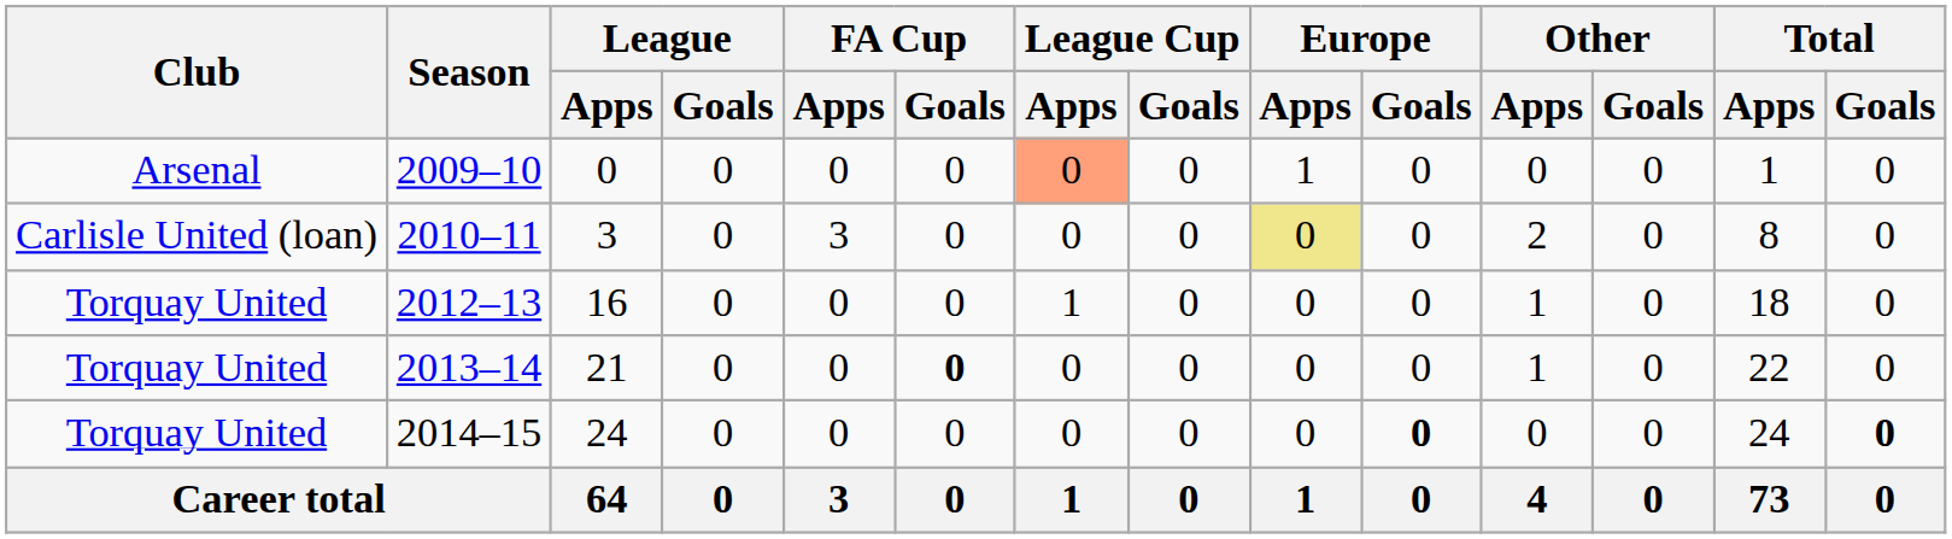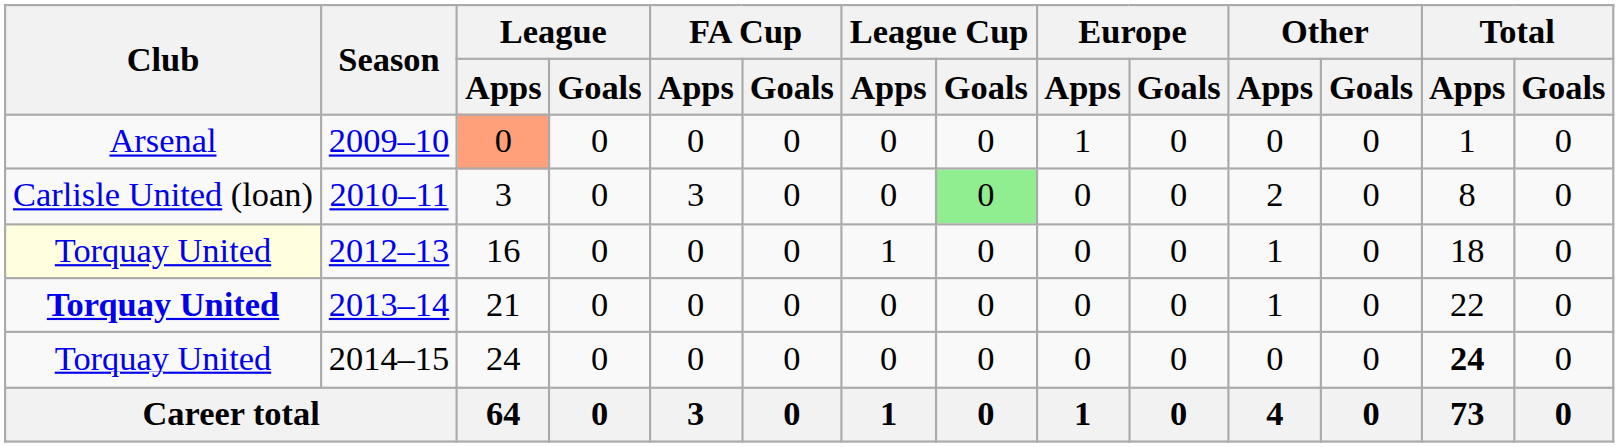 <table class="wikitable" style="text-align:center">
 <tr>
 <th rowspan="2">Club</th>
 <th rowspan="2">Season</th>
 <th colspan="2">League</th>
 <th colspan="2">FA Cup</th>
 <th colspan="2">League Cup</th>
 <th colspan="2">Europe</th>
 <th colspan="2">Other</th>
 <th colspan="2">Total</th>
 </tr>
 <tr>
 <th>Apps</th>
 <th>Goals</th>
 <th>Apps</th>
 <th>Goals</th>
 <th>Apps</th>
 <th>Goals</th>
 <th>Apps</th>
 <th>Goals</th>
 <th>Apps</th>
 <th>Goals</th>
 <th>Apps</th>
 <th>Goals</th>
 </tr>
 <tr>
 <td style="vertical-align:top;"><a href='#'>Arsenal</a></td>
 <td><a href='#'>2009–10</a></td>
+<td style="background: lightsalmon;">0</td>
 <td>0</td>
 <td>0</td>
 <td>0</td>
 <td>0</td>
-<td style="background: lightsalmon;">0</td>
 <td>0</td>
 <td>1</td>
 <td>0</td>
 <td>0</td>
 <td>0</td>
 <td>1</td>
 <td>0</td>
 </tr>
 <tr>
 <td style="vertical-align:top;"><a href='#'>Carlisle United</a> (loan)</td>
 <td><a href='#'>2010–11</a></td>
 <td>3</td>
 <td>0</td>
 <td>3</td>
 <td>0</td>
 <td>0</td>
+<td style="background: lightgreen;">0</td>
 <td>0</td>
-<td style="background: khaki;">0</td>
 <td>0</td>
 <td>2</td>
 <td>0</td>
 <td>8</td>
 <td>0</td>
 </tr>
 <tr>
-<td style="vertical-align:top;"><a href='#'>Torquay United</a></td>
+<td style="background: lightyellow; vertical-align:top;"><a href='#'>Torquay United</a></td>
 <td><a href='#'>2012–13</a></td>
 <td>16</td>
 <td>0</td>
 <td>0</td>
 <td>0</td>
 <td>1</td>
 <td>0</td>
 <td>0</td>
 <td>0</td>
 <td>1</td>
 <td>0</td>
 <td>18</td>
 <td>0</td>
 </tr>
 <tr>
-<td style="vertical-align:top;"><a href='#'>Torquay United</a></td>
+<td style="vertical-align:top;"><strong><a href='#'>Torquay United</a></strong></td>
 <td><a href='#'>2013–14</a></td>
 <td>21</td>
 <td>0</td>
 <td>0</td>
-<td><strong>0</strong></td>
+<td>0</td>
 <td>0</td>
 <td>0</td>
 <td>0</td>
 <td>0</td>
 <td>1</td>
 <td>0</td>
 <td>22</td>
 <td>0</td>
 </tr>
 <tr>
 <td style="vertical-align:top;"><a href='#'>Torquay United</a></td>
 <td>2014–15</td>
 <td>24</td>
 <td>0</td>
 <td>0</td>
 <td>0</td>
 <td>0</td>
 <td>0</td>
 <td>0</td>
-<td><strong>0</strong></td>
 <td>0</td>
 <td>0</td>
-<td>24</td>
-<td><strong>0</strong></td>
+<td>0</td>
+<td><strong>24</strong></td>
+<td>0</td>
 </tr>
 <tr>
 <th colspan="2">Career total</th>
 <th>64</th>
 <th>0</th>
 <th>3</th>
 <th>0</th>
 <th>1</th>
 <th>0</th>
 <th>1</th>
 <th>0</th>
 <th>4</th>
 <th>0</th>
 <th>73</th>
 <th>0</th>
 </tr>
 </table>
